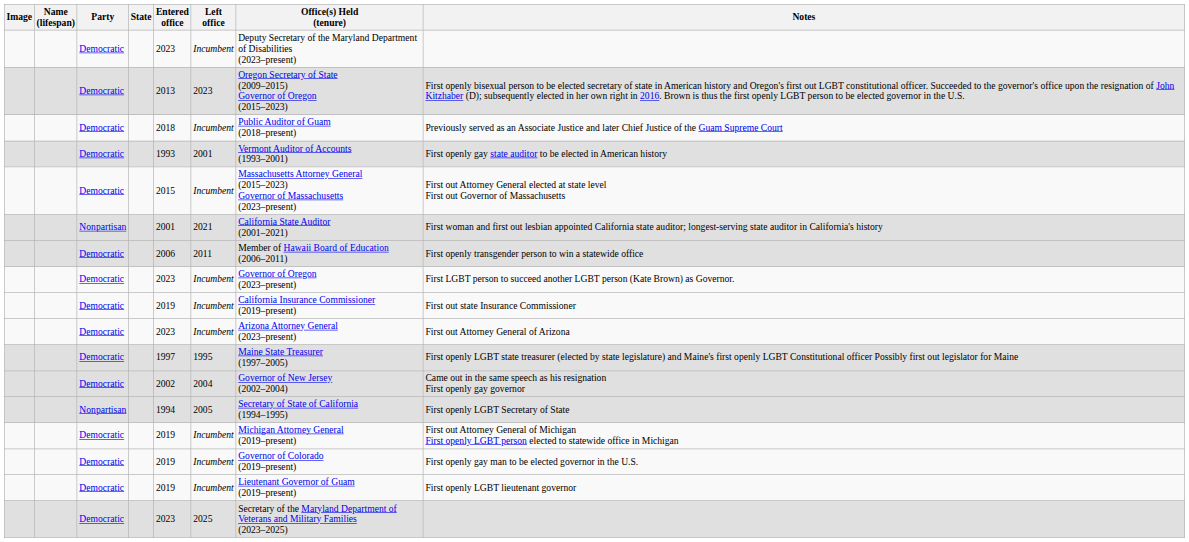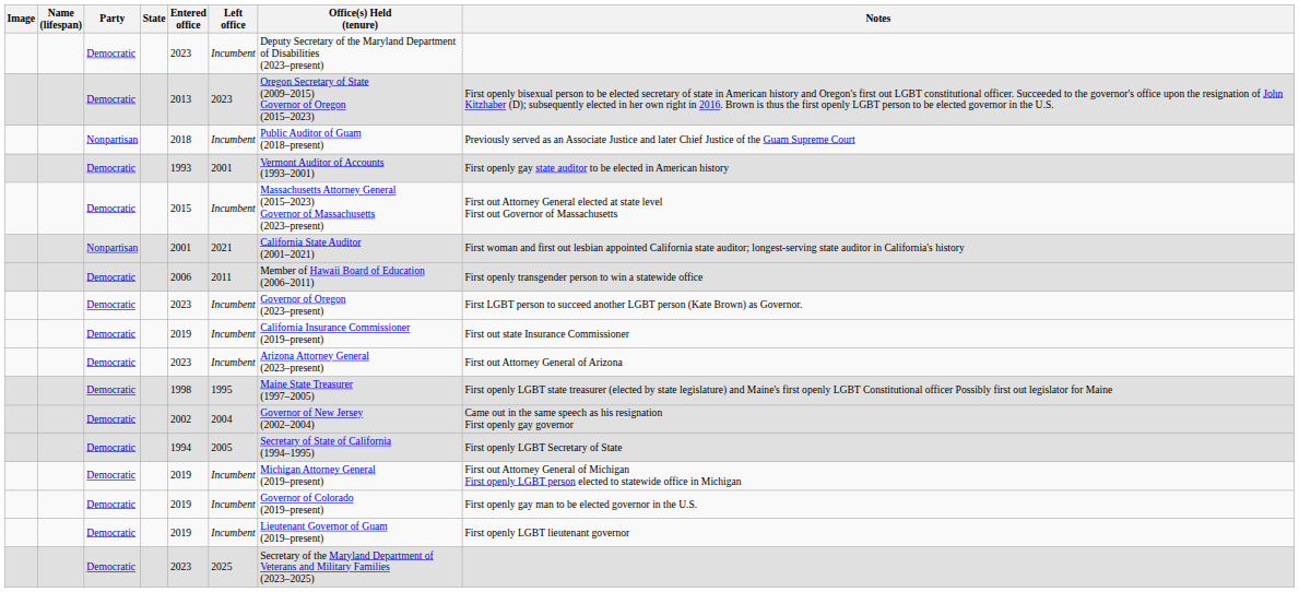 <table class="wikitable sortable">
 <tr>
 <th>Image</th>
 <th>Name<br>(lifespan)</th>
 <th>Party</th>
 <th>State</th>
 <th>Entered<br>office</th>
 <th>Left<br>office</th>
 <th>Office(s) Held<br>(tenure)</th>
 <th class=unsortable>Notes</th>
 </tr>
 <tr>
 <td></td>
 <td><br></td>
 <td><a href='#'>Democratic</a></td>
 <td></td>
 <td>2023</td>
 <td><em>Incumbent</em></td>
 <td>Deputy Secretary of the Maryland Department of Disabilities<br>(2023–present)</td>
 <td></td>
 </tr>
 <tr style="background:#e0e0e0">
 <td></td>
 <td><br></td>
 <td><a href='#'>Democratic</a></td>
 <td></td>
 <td>2013</td>
 <td>2023</td>
 <td><a href='#'>Oregon Secretary of State</a><br>(2009–2015)<br><a href='#'>Governor of Oregon</a><br>(2015–2023)</td>
 <td>First openly bisexual person to be elected secretary of state in American history and Oregon's first out LGBT constitutional officer. Succeeded to the governor's office upon the resignation of <a href='#'>John Kitzhaber</a> (D); subsequently elected in her own right in <a href='#'>2016</a>. Brown is thus the first openly LGBT person to be elected governor in the U.S.</td>
 </tr>
 <tr>
 <td></td>
 <td><br></td>
-<td><a href='#'>Democratic</a></td>
+<td><a href='#'>Nonpartisan</a></td>
 <td></td>
 <td>2018</td>
 <td><em>Incumbent</em></td>
 <td><a href='#'>Public Auditor of Guam</a><br>(2018–present)</td>
 <td>Previously served as an Associate Justice and later Chief Justice of the <a href='#'>Guam Supreme Court</a></td>
 </tr>
 <tr style="background:#e0e0e0">
 <td></td>
 <td><br></td>
 <td><a href='#'>Democratic</a></td>
 <td></td>
 <td>1993</td>
 <td>2001</td>
 <td><a href='#'>Vermont Auditor of Accounts</a><br>(1993–2001)</td>
 <td>First openly gay <a href='#'>state auditor</a> to be elected in American history</td>
 </tr>
 <tr>
 <td></td>
 <td><br></td>
 <td><a href='#'>Democratic</a></td>
 <td></td>
 <td>2015</td>
 <td><em>Incumbent</em></td>
 <td><a href='#'>Massachusetts Attorney General</a><br>(2015–2023) <br> <a href='#'>Governor of Massachusetts</a><br>(2023–present)</td>
 <td>First out Attorney General elected at state level <br> First out Governor of Massachusetts</td>
 </tr>
 <tr style="background:#e0e0e0">
 <td></td>
 <td><br></td>
 <td><a href='#'>Nonpartisan</a></td>
 <td></td>
 <td>2001</td>
 <td>2021</td>
 <td><a href='#'>California State Auditor</a><br>(2001–2021)<br></td>
 <td>First woman and first out lesbian appointed California state auditor; longest-serving state auditor in California's history</td>
 </tr>
 <tr style="background:#e0e0e0">
 <td></td>
 <td><br></td>
 <td><a href='#'>Democratic</a></td>
 <td></td>
 <td>2006</td>
 <td>2011</td>
 <td>Member of <a href='#'>Hawaii Board of Education</a><br>(2006–2011)</td>
 <td>First openly transgender person to win a statewide office</td>
 </tr>
 <tr>
 <td></td>
 <td><br></td>
 <td><a href='#'>Democratic</a></td>
 <td></td>
 <td>2023</td>
 <td><em>Incumbent</em></td>
 <td><a href='#'>Governor of Oregon</a><br>(2023–present)</td>
 <td>First LGBT person to succeed another LGBT person (Kate Brown) as Governor.</td>
 </tr>
 <tr>
 <td></td>
 <td><br></td>
 <td><a href='#'>Democratic</a></td>
 <td></td>
 <td>2019</td>
 <td><em>Incumbent</em></td>
 <td><a href='#'>California Insurance Commissioner</a><br>(2019–present)</td>
 <td>First out state Insurance Commissioner</td>
 </tr>
 <tr>
 <td></td>
 <td><br></td>
 <td><a href='#'>Democratic</a></td>
 <td></td>
 <td>2023</td>
 <td><em>Incumbent</em></td>
 <td><a href='#'>Arizona Attorney General</a><br>(2023–present)</td>
 <td>First out Attorney General of Arizona</td>
 </tr>
 <tr style="background:#e0e0e0">
 <td></td>
 <td><br></td>
 <td><a href='#'>Democratic</a></td>
 <td></td>
-<td>1997</td>
+<td>1998</td>
 <td>1995</td>
 <td><a href='#'>Maine State Treasurer</a><br>(1997–2005)</td>
 <td>First openly LGBT state treasurer (elected by state legislature) and Maine's first openly LGBT Constitutional officer Possibly first out legislator for Maine</td>
 </tr>
 <tr style="background:#e0e0e0">
 <td></td>
 <td><br></td>
 <td><a href='#'>Democratic</a></td>
 <td></td>
 <td>2002</td>
 <td>2004</td>
 <td><a href='#'>Governor of New Jersey</a><br>(2002–2004)</td>
 <td>Came out in the same speech as his resignation<br>First openly gay governor</td>
 </tr>
 <tr style="background:#e0e0e0">
 <td></td>
 <td><br></td>
-<td><a href='#'>Nonpartisan</a></td>
+<td><a href='#'>Democratic</a></td>
 <td></td>
 <td>1994</td>
 <td>2005</td>
 <td><a href='#'>Secretary of State of California</a><br>(1994–1995)</td>
 <td>First openly LGBT Secretary of State</td>
 </tr>
 <tr>
 <td></td>
 <td><br></td>
 <td><a href='#'>Democratic</a></td>
 <td></td>
 <td>2019</td>
 <td><em>Incumbent</em></td>
 <td><a href='#'>Michigan Attorney General</a><br>(2019–present)</td>
 <td>First out Attorney General of Michigan <br> <a href='#'>First openly LGBT person</a> elected to statewide office in Michigan</td>
 </tr>
 <tr>
 <td></td>
 <td><br></td>
 <td><a href='#'>Democratic</a></td>
 <td></td>
 <td>2019</td>
 <td><em>Incumbent</em></td>
 <td><a href='#'>Governor of Colorado</a><br>(2019–present)</td>
 <td>First openly gay man to be elected governor in the U.S.</td>
 </tr>
 <tr>
 <td></td>
 <td></td>
 <td><a href='#'>Democratic</a></td>
 <td></td>
 <td>2019</td>
 <td><em>Incumbent</em></td>
 <td><a href='#'>Lieutenant Governor of Guam</a><br>(2019–present)</td>
 <td>First openly LGBT lieutenant governor</td>
 </tr>
 <tr style="background:#e0e0e0">
 <td></td>
 <td><br></td>
 <td><a href='#'>Democratic</a></td>
 <td></td>
 <td>2023</td>
 <td>2025</td>
 <td>Secretary of the <a href='#'>Maryland Department of Veterans and Military Families</a><br>(2023–2025)</td>
 <td></td>
 </tr>
 </table>
